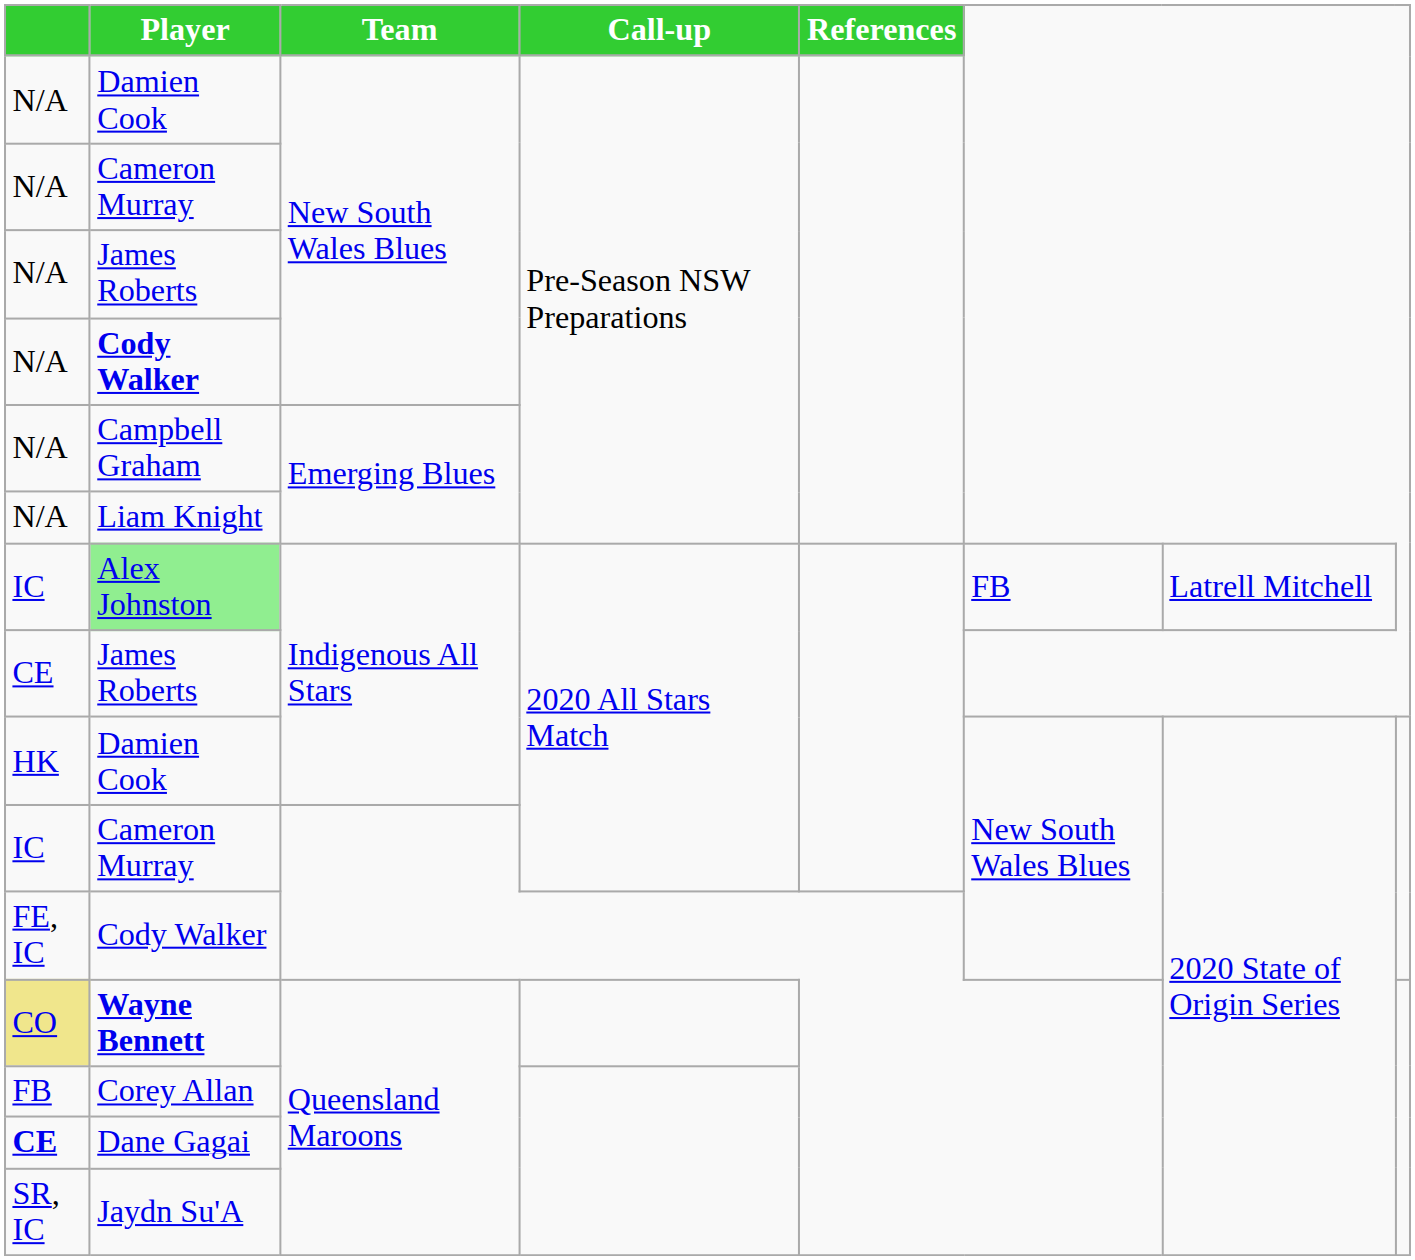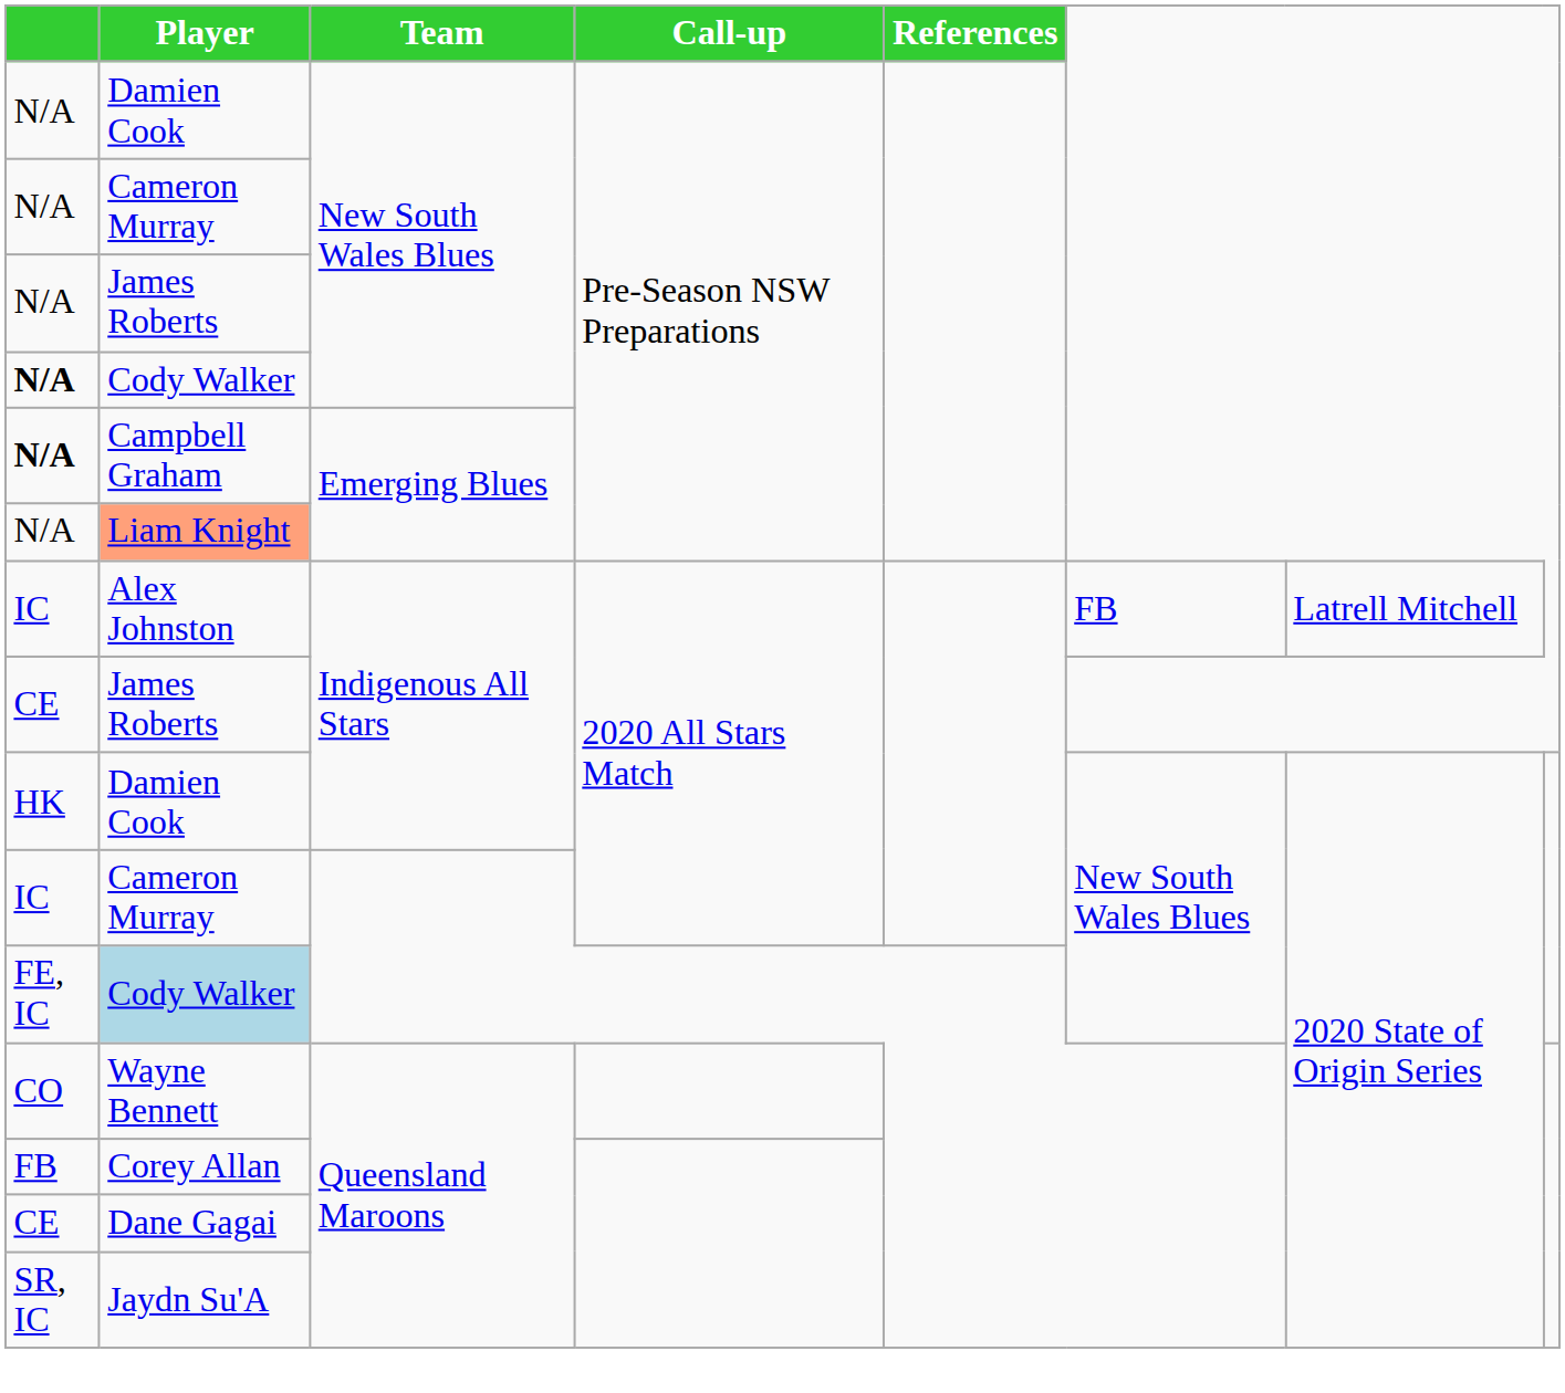 <table class="wikitable" style="width:700px;">
 <tr>
 <th style="background:limegreen; color:white; text-align:center;"></th>
 <th style="background:limegreen; color:white; text-align:center;">Player</th>
 <th style="background:limegreen; color:white; text-align:center;">Team</th>
 <th style="background:limegreen; color:white; text-align:center;">Call-up</th>
 <th style="background:limegreen; color:white; text-align:center;">References</th>
 </tr>
 <tr>
 <td>N/A</td>
 <td><a href='#'>Damien Cook</a></td>
 <td rowspan="4"> <a href='#'>New South Wales Blues</a></td>
 <td rowspan="6">Pre-Season NSW Preparations</td>
 <td rowspan="6"></td>
 </tr>
 <tr>
 <td>N/A</td>
 <td><a href='#'>Cameron Murray</a></td>
 </tr>
 <tr>
 <td>N/A</td>
 <td><a href='#'>James Roberts</a></td>
 </tr>
 <tr>
-<td>N/A</td>
-<td><strong><a href='#'>Cody Walker</a></strong></td>
+<td><strong>N/A</strong></td>
+<td><a href='#'>Cody Walker</a></td>
 </tr>
 <tr>
-<td>N/A</td>
+<td><strong>N/A</strong></td>
 <td><a href='#'>Campbell Graham</a></td>
 <td rowspan="2"> <a href='#'>Emerging Blues</a></td>
 </tr>
 <tr>
 <td>N/A</td>
-<td><a href='#'>Liam Knight</a></td>
+<td style="background: lightsalmon;"><a href='#'>Liam Knight</a></td>
 </tr>
 <tr>
 <td><a href='#'>IC</a></td>
-<td style="background: lightgreen;"><a href='#'>Alex Johnston</a></td>
+<td><a href='#'>Alex Johnston</a></td>
 <td rowspan="3"> <a href='#'>Indigenous All Stars</a></td>
 <td rowspan="4"><a href='#'>2020 All Stars Match</a></td>
 <td rowspan="4"></td>
 <td><a href='#'>FB</a></td>
 <td><a href='#'>Latrell Mitchell</a></td>
 </tr>
 <tr>
 <td><a href='#'>CE</a></td>
 <td><a href='#'>James Roberts</a></td>
 </tr>
 <tr>
 <td><a href='#'>HK</a></td>
 <td><a href='#'>Damien Cook</a></td>
 <td rowspan="3"> <a href='#'>New South Wales Blues</a></td>
 <td rowspan="7"><a href='#'>2020 State of Origin Series</a></td>
 <td rowspan="3"></td>
 </tr>
 <tr>
 <td><a href='#'>IC</a></td>
 <td><a href='#'>Cameron Murray</a></td>
 </tr>
 <tr>
 <td><a href='#'>FE</a>, <a href='#'>IC</a></td>
-<td><a href='#'>Cody Walker</a></td>
+<td style="background: lightblue;"><a href='#'>Cody Walker</a></td>
 </tr>
 <tr>
-<td style="background: khaki;"><a href='#'>CO</a></td>
-<td><strong><a href='#'>Wayne Bennett</a></strong></td>
+<td><a href='#'>CO</a></td>
+<td><a href='#'>Wayne Bennett</a></td>
 <td rowspan="4"> <a href='#'>Queensland Maroons</a></td>
 <td></td>
 </tr>
 <tr>
 <td><a href='#'>FB</a></td>
 <td><a href='#'>Corey Allan</a></td>
 <td rowspan="3"></td>
 </tr>
 <tr>
-<td><strong><a href='#'>CE</a></strong></td>
+<td><a href='#'>CE</a></td>
 <td><a href='#'>Dane Gagai</a></td>
 </tr>
 <tr>
 <td><a href='#'>SR</a>, <a href='#'>IC</a></td>
 <td><a href='#'>Jaydn Su'A</a></td>
 </tr>
 </table>
